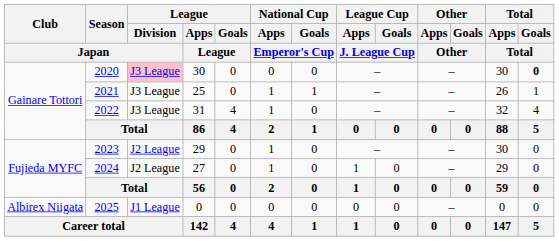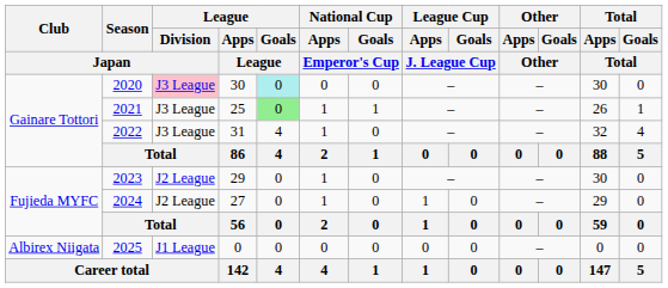 <table class="wikitable" style="text-align:center">
 <tr>
 <th rowspan=2>Club</th>
 <th rowspan=2>Season</th>
 <th colspan=3>League</th>
 <th colspan=2>National Cup</th>
 <th colspan=2>League Cup</th>
 <th colspan=2>Other</th>
 <th colspan=2>Total</th>
 </tr>
 <tr>
 <th>Division</th>
 <th>Apps</th>
 <th>Goals</th>
 <th>Apps</th>
 <th>Goals</th>
 <th>Apps</th>
 <th>Goals</th>
 <th>Apps</th>
 <th>Goals</th>
 <th>Apps</th>
 <th>Goals</th>
 </tr>
 <tr>
 <th colspan=3>Japan</th>
 <th colspan=2>League</th>
 <th colspan=2><a href='#'>Emperor's Cup</a></th>
 <th colspan=2><a href='#'>J. League Cup</a></th>
 <th colspan=2>Other</th>
 <th colspan=2>Total</th>
 </tr>
 <tr>
 <td rowspan="4"><a href='#'>Gainare Tottori</a></td>
 <td><a href='#'>2020</a></td>
 <td style="background: pink;"><a href='#'>J3 League</a></td>
 <td>30</td>
-<td>0</td>
+<td style="background: paleturquoise;">0</td>
 <td>0</td>
 <td>0</td>
 <td colspan="2">–</td>
 <td colspan="2">–</td>
 <td>30</td>
-<td><strong>0</strong></td>
+<td>0</td>
 </tr>
 <tr>
 <td><a href='#'>2021</a></td>
 <td>J3 League</td>
 <td>25</td>
-<td>0</td>
+<td style="background: lightgreen;">0</td>
 <td>1</td>
 <td>1</td>
 <td colspan="2">–</td>
 <td colspan="2">–</td>
 <td>26</td>
 <td>1</td>
 </tr>
 <tr>
 <td><a href='#'>2022</a></td>
 <td>J3 League</td>
 <td>31</td>
 <td>4</td>
 <td>1</td>
 <td>0</td>
 <td colspan="2">–</td>
 <td colspan="2">–</td>
 <td>32</td>
 <td>4</td>
 </tr>
 <tr>
 <th colspan="2">Total</th>
 <th>86</th>
 <th>4</th>
 <th>2</th>
 <th>1</th>
 <th>0</th>
 <th>0</th>
 <th>0</th>
 <th>0</th>
 <th>88</th>
 <th>5</th>
 </tr>
 <tr>
 <td rowspan="3"><a href='#'>Fujieda MYFC</a></td>
 <td><a href='#'>2023</a></td>
 <td><a href='#'>J2 League</a></td>
 <td>29</td>
 <td>0</td>
 <td>1</td>
 <td>0</td>
 <td colspan="2">–</td>
 <td colspan="2">–</td>
 <td>30</td>
 <td>0</td>
 </tr>
 <tr>
 <td><a href='#'>2024</a></td>
 <td>J2 League</td>
 <td>27</td>
 <td>0</td>
 <td>1</td>
 <td>0</td>
 <td>1</td>
 <td>0</td>
 <td colspan="2">–</td>
 <td>29</td>
 <td>0</td>
 </tr>
 <tr>
 <th colspan="2">Total</th>
 <th>56</th>
 <th>0</th>
 <th>2</th>
 <th>0</th>
 <th>1</th>
 <th>0</th>
 <th>0</th>
 <th>0</th>
 <th>59</th>
 <th>0</th>
 </tr>
 <tr>
 <td><a href='#'>Albirex Niigata</a></td>
 <td><a href='#'>2025</a></td>
 <td><a href='#'>J1 League</a></td>
 <td>0</td>
 <td>0</td>
 <td>0</td>
 <td>0</td>
 <td>0</td>
 <td>0</td>
 <td colspan="2">–</td>
 <td>0</td>
 <td>0</td>
 </tr>
 <tr>
 <th colspan=3>Career total</th>
 <th>142</th>
 <th>4</th>
 <th>4</th>
 <th>1</th>
 <th>1</th>
 <th>0</th>
 <th>0</th>
 <th>0</th>
 <th>147</th>
 <th>5</th>
 </tr>
 </table>
